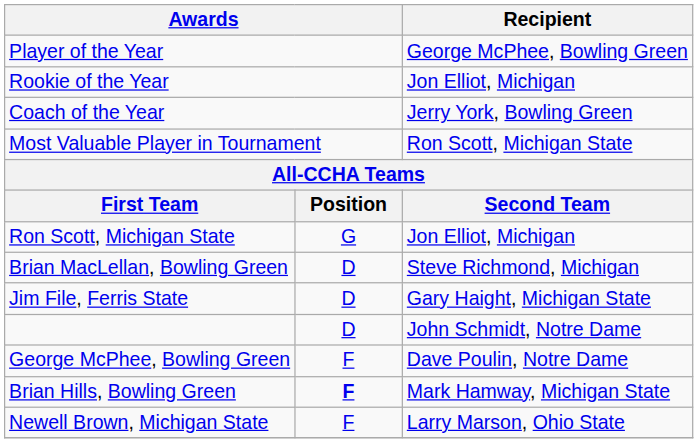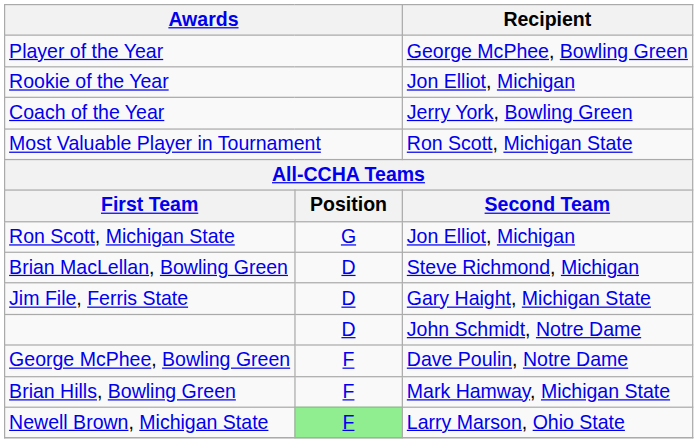 <table class="wikitable">
 <tr>
 <th colspan=2><a href='#'>Awards</a></th>
 <th>Recipient</th>
 </tr>
 <tr>
 <td colspan=2><a href='#'>Player of the Year</a></td>
 <td><a href='#'>George McPhee</a>, <a href='#'>Bowling Green</a></td>
 </tr>
 <tr>
 <td colspan=2><a href='#'>Rookie of the Year</a></td>
 <td><a href='#'>Jon Elliot</a>, <a href='#'>Michigan</a></td>
 </tr>
 <tr>
 <td colspan=2><a href='#'>Coach of the Year</a></td>
 <td><a href='#'>Jerry York</a>, <a href='#'>Bowling Green</a></td>
 </tr>
 <tr>
 <td colspan=2><a href='#'>Most Valuable Player in Tournament</a></td>
 <td><a href='#'>Ron Scott</a>, <a href='#'>Michigan State</a></td>
 </tr>
 <tr>
 <th colspan=3><a href='#'>All-CCHA Teams</a></th>
 </tr>
 <tr>
 <th><a href='#'>First Team</a></th>
 <th>  Position  </th>
 <th><a href='#'>Second Team</a></th>
 </tr>
 <tr>
 <td><a href='#'>Ron Scott</a>, <a href='#'>Michigan State</a></td>
 <td align=center><a href='#'>G</a></td>
 <td><a href='#'>Jon Elliot</a>, <a href='#'>Michigan</a></td>
 </tr>
 <tr>
 <td><a href='#'>Brian MacLellan</a>, <a href='#'>Bowling Green</a></td>
 <td align=center><a href='#'>D</a></td>
 <td><a href='#'>Steve Richmond</a>, <a href='#'>Michigan</a></td>
 </tr>
 <tr>
 <td><a href='#'>Jim File</a>, <a href='#'>Ferris State</a></td>
 <td align=center><a href='#'>D</a></td>
 <td><a href='#'>Gary Haight</a>, <a href='#'>Michigan State</a></td>
 </tr>
 <tr>
 <td></td>
 <td align=center><a href='#'>D</a></td>
 <td><a href='#'>John Schmidt</a>, <a href='#'>Notre Dame</a></td>
 </tr>
 <tr>
 <td><a href='#'>George McPhee</a>, <a href='#'>Bowling Green</a></td>
 <td align=center><a href='#'>F</a></td>
 <td><a href='#'>Dave Poulin</a>, <a href='#'>Notre Dame</a></td>
 </tr>
 <tr>
 <td><a href='#'>Brian Hills</a>, <a href='#'>Bowling Green</a></td>
-<td align=center><strong><a href='#'>F</a></strong></td>
+<td align=center><a href='#'>F</a></td>
 <td><a href='#'>Mark Hamway</a>, <a href='#'>Michigan State</a></td>
 </tr>
 <tr>
 <td><a href='#'>Newell Brown</a>, <a href='#'>Michigan State</a></td>
-<td align=center><a href='#'>F</a></td>
+<td align=center style="background: lightgreen;"><a href='#'>F</a></td>
 <td><a href='#'>Larry Marson</a>, <a href='#'>Ohio State</a></td>
 </tr>
 <tr>
 </tr>
 </table>
